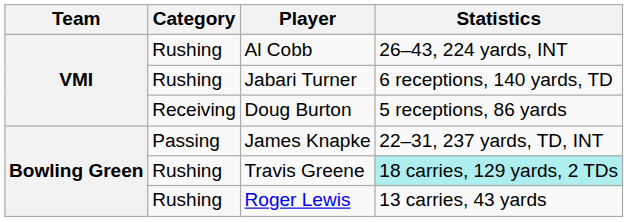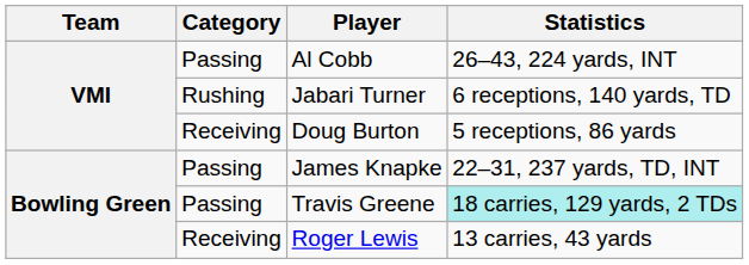 <table class="wikitable" style="float:right">
 <tr>
 <th>Team</th>
 <th>Category</th>
 <th>Player</th>
 <th>Statistics</th>
 </tr>
 <tr>
 <th rowspan=3>VMI</th>
-<td>Rushing</td>
+<td>Passing</td>
 <td>Al Cobb</td>
 <td>26–43, 224 yards, INT</td>
 </tr>
 <tr>
 <td>Rushing</td>
 <td>Jabari Turner</td>
 <td>6 receptions, 140 yards, TD</td>
 </tr>
 <tr>
 <td>Receiving</td>
 <td>Doug Burton</td>
 <td>5 receptions, 86 yards</td>
 </tr>
 <tr>
 <th rowspan=3>Bowling Green</th>
 <td>Passing</td>
 <td>James Knapke</td>
 <td>22–31, 237 yards, TD, INT</td>
 </tr>
 <tr>
-<td>Rushing</td>
+<td>Passing</td>
 <td>Travis Greene</td>
 <td style="background: paleturquoise;">18 carries, 129 yards, 2 TDs</td>
 </tr>
 <tr>
-<td>Rushing</td>
+<td>Receiving</td>
 <td><a href='#'>Roger Lewis</a></td>
 <td>13 carries, 43 yards</td>
 </tr>
 </table>
